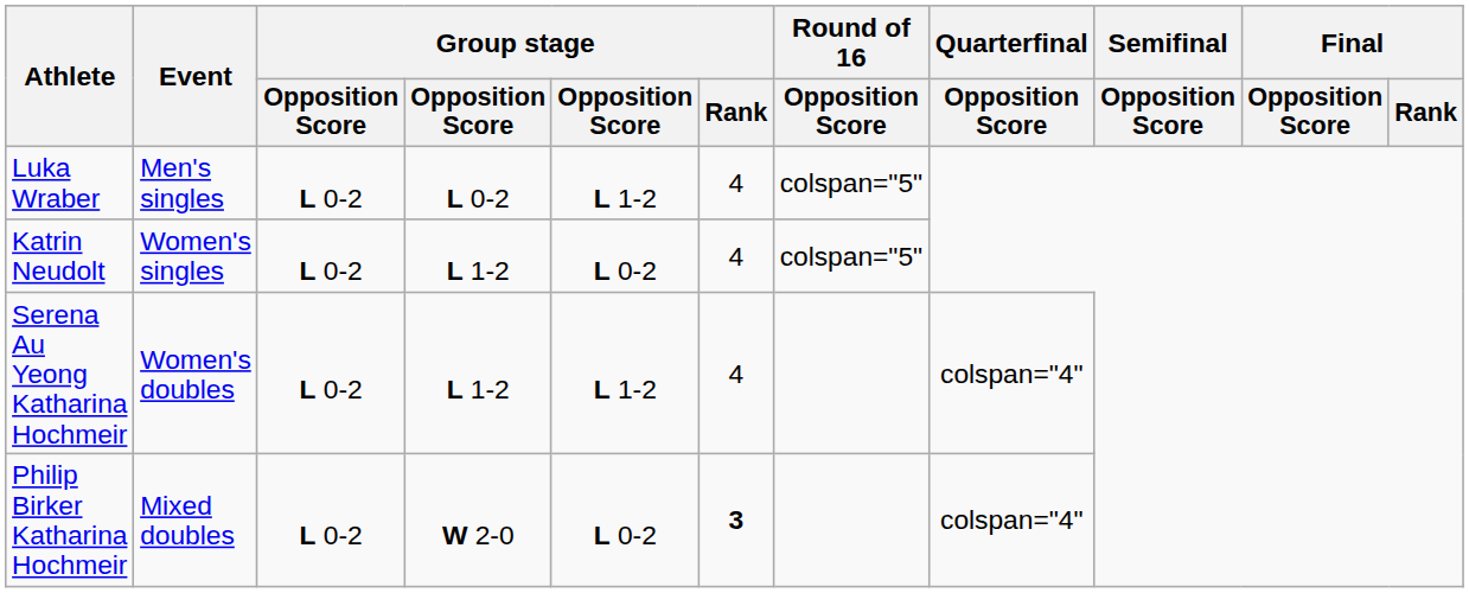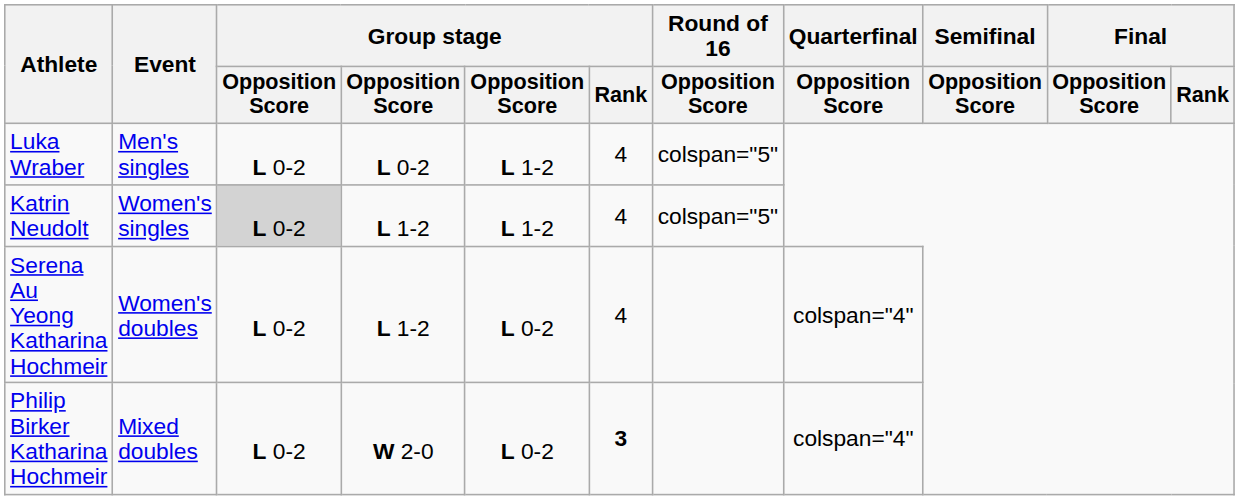 <table class=wikitable style="font-size:90%; text-align:center">
 <tr>
 <th rowspan="2">Athlete</th>
 <th rowspan="2">Event</th>
 <th colspan="4">Group stage</th>
 <th>Round of 16</th>
 <th>Quarterfinal</th>
 <th>Semifinal</th>
 <th colspan="2">Final</th>
 </tr>
 <tr style="font-size:95%">
 <th>Opposition<br>Score</th>
 <th>Opposition<br>Score</th>
 <th>Opposition<br>Score</th>
 <th>Rank</th>
 <th>Opposition<br>Score</th>
 <th>Opposition<br>Score</th>
 <th>Opposition<br>Score</th>
 <th>Opposition<br>Score</th>
 <th>Rank</th>
 </tr>
 <tr>
 <td align="left"><a href='#'>Luka Wraber</a></td>
 <td align="left"><a href='#'>Men's singles</a></td>
 <td><br><strong>L</strong> 0-2</td>
 <td><br><strong>L</strong> 0-2</td>
 <td><br><strong>L</strong> 1-2</td>
 <td>4</td>
 <td>colspan="5" </td>
 </tr>
 <tr>
 <td align="left"><a href='#'>Katrin Neudolt</a></td>
 <td align="left"><a href='#'>Women's singles</a></td>
-<td><br><strong>L</strong> 0-2</td>
+<td style="background: lightgrey;"><br><strong>L</strong> 0-2</td>
 <td><br><strong>L</strong> 1-2</td>
-<td><br><strong>L</strong> 0-2</td>
+<td><br><strong>L</strong> 1-2</td>
 <td>4</td>
 <td>colspan="5" </td>
 </tr>
 <tr>
 <td align="left"><a href='#'>Serena Au Yeong</a><br><a href='#'>Katharina Hochmeir</a></td>
 <td align="left"><a href='#'>Women's doubles</a></td>
 <td><br><strong>L</strong> 0-2</td>
 <td><br><strong>L</strong> 1-2</td>
-<td><br><strong>L</strong> 1-2</td>
+<td><br><strong>L</strong> 0-2</td>
 <td>4</td>
 <td></td>
 <td>colspan="4" </td>
 </tr>
 <tr>
 <td align="left"><a href='#'>Philip Birker</a><br><a href='#'>Katharina Hochmeir</a></td>
 <td align="left"><a href='#'>Mixed doubles</a></td>
 <td><br><strong>L</strong> 0-2</td>
 <td><br><strong>W</strong> 2-0</td>
 <td><br><strong>L</strong> 0-2</td>
 <td><strong>3</strong></td>
 <td></td>
 <td>colspan="4" </td>
 </tr>
 </table>
